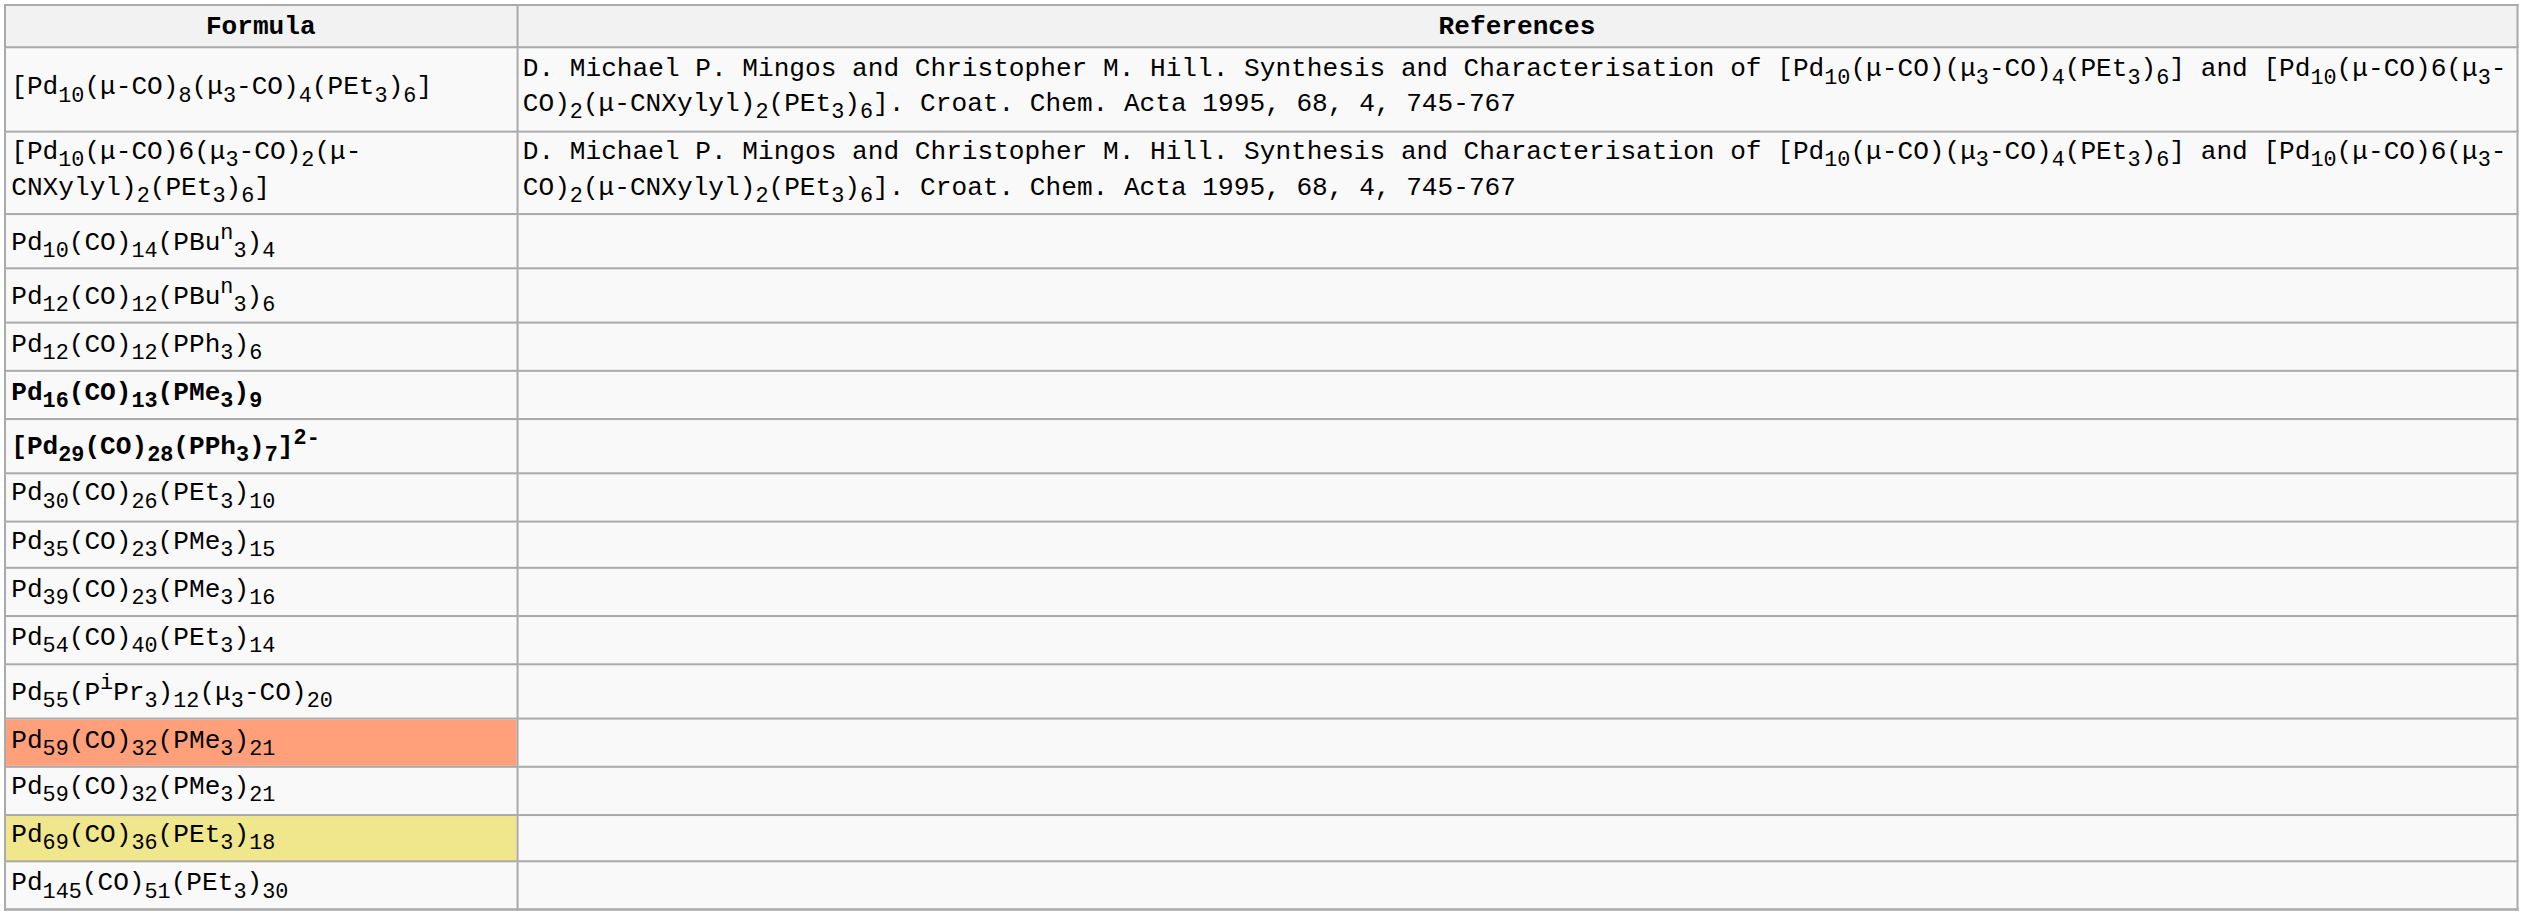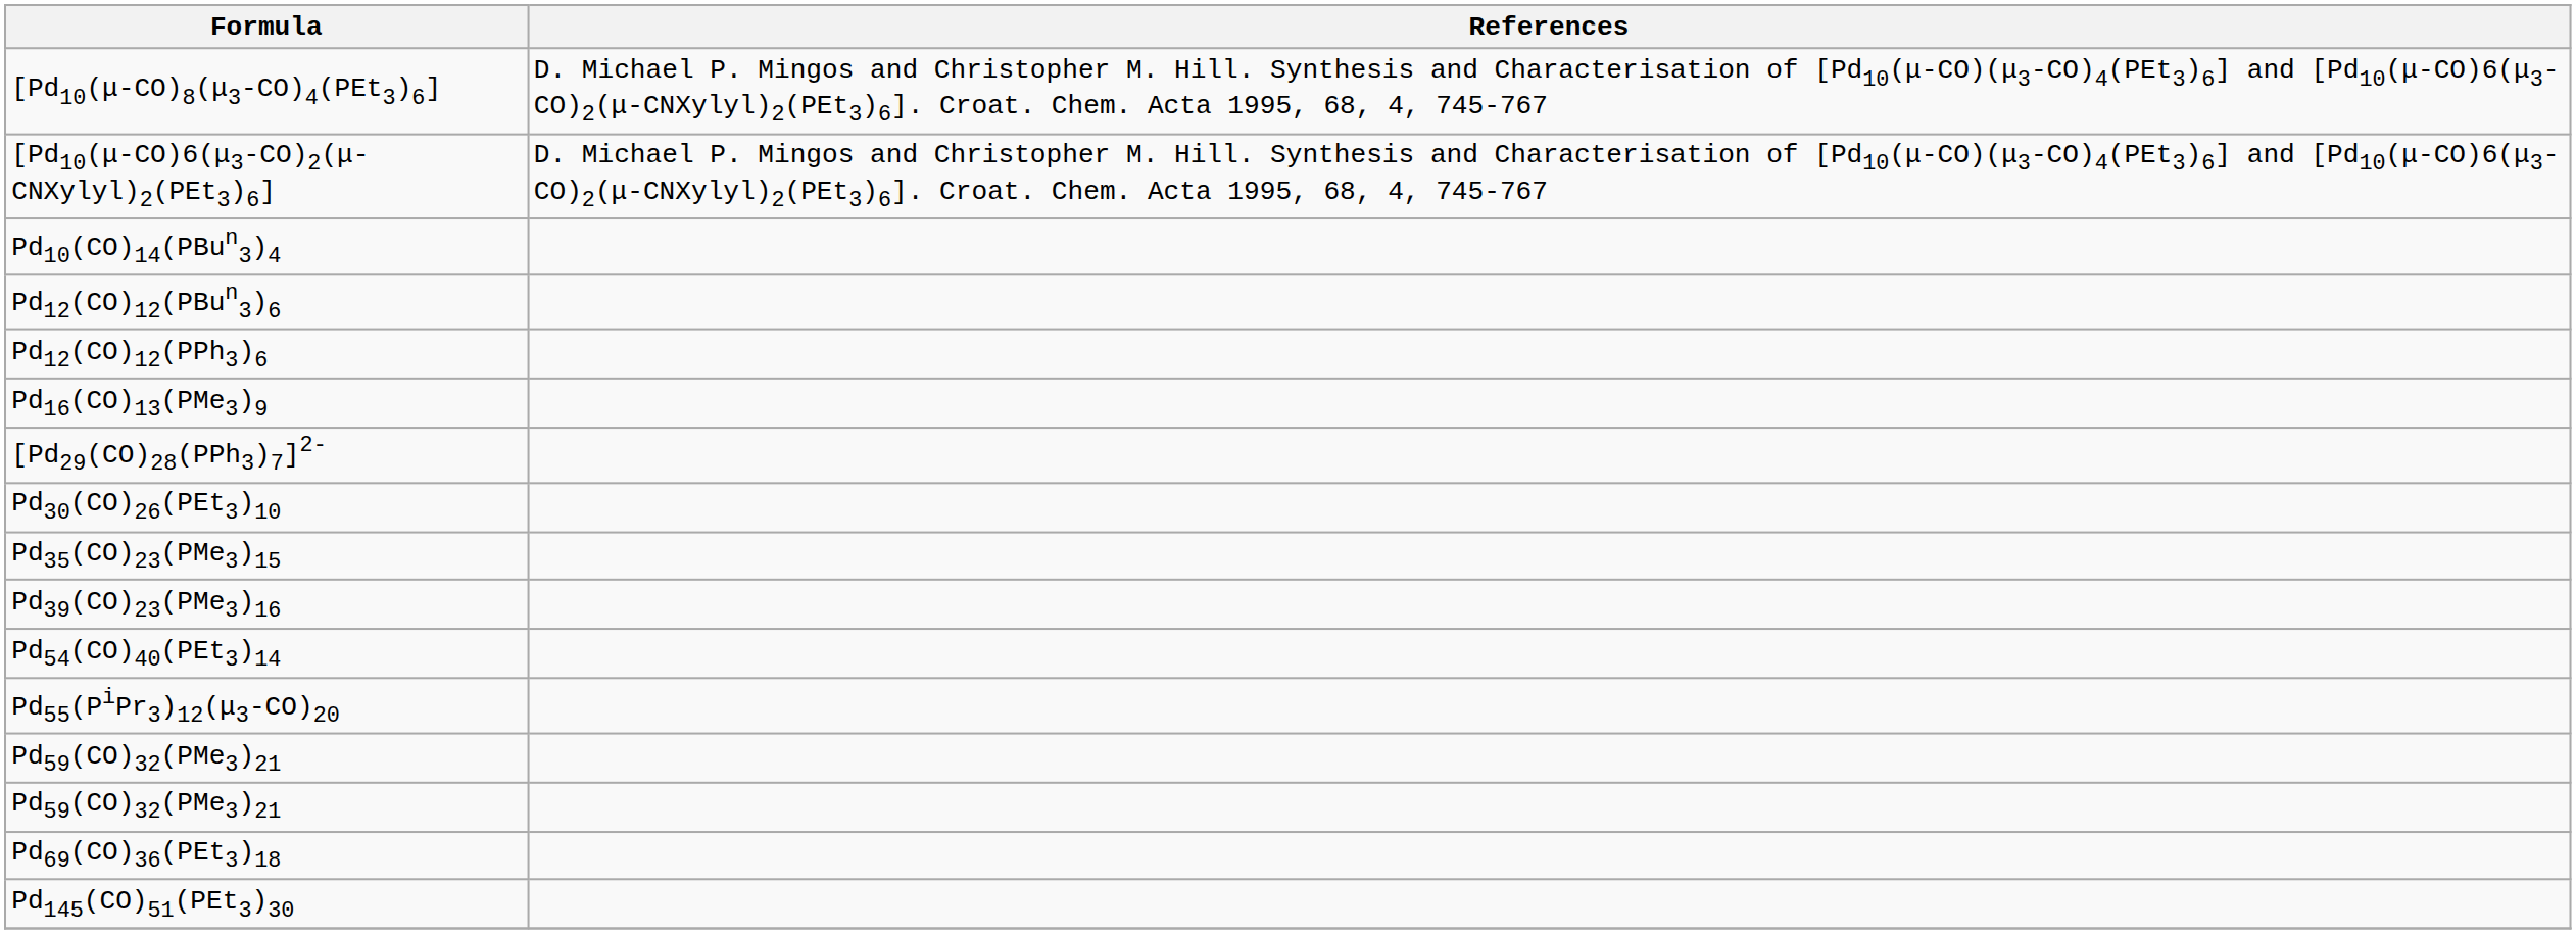 <table class="wikitable">
 <tr>
 <th>Formula</th>
 <th>References</th>
 </tr>
 <tr>
 <td>[Pd<sub>10</sub>(μ-CO)<sub>8</sub>(μ<sub>3</sub>-CO)<sub>4</sub>(PEt<sub>3</sub>)<sub>6</sub>]</td>
 <td>D. Michael P. Mingos and Christopher M. Hill. Synthesis and Characterisation of [Pd<sub>10</sub>(μ-CO)(μ<sub>3</sub>-CO)<sub>4</sub>(PEt<sub>3</sub>)<sub>6</sub>] and [Pd<sub>10</sub>(μ-CO)6(μ<sub>3</sub>-CO)<sub>2</sub>(μ-CNXylyl)<sub>2</sub>(PEt<sub>3</sub>)<sub>6</sub>]. Croat. Chem. Acta 1995, 68, 4, 745-767</td>
 </tr>
 <tr>
 <td>[Pd<sub>10</sub>(μ-CO)6(μ<sub>3</sub>-CO)<sub>2</sub>(μ-CNXylyl)<sub>2</sub>(PEt<sub>3</sub>)<sub>6</sub>]</td>
 <td>D. Michael P. Mingos and Christopher M. Hill. Synthesis and Characterisation of [Pd<sub>10</sub>(μ-CO)(μ<sub>3</sub>-CO)<sub>4</sub>(PEt<sub>3</sub>)<sub>6</sub>] and [Pd<sub>10</sub>(μ-CO)6(μ<sub>3</sub>-CO)<sub>2</sub>(μ-CNXylyl)<sub>2</sub>(PEt<sub>3</sub>)<sub>6</sub>]. Croat. Chem. Acta 1995, 68, 4, 745-767</td>
 </tr>
 <tr>
 <td>Pd<sub>10</sub>(CO)<sub>14</sub>(PBu<sup>n</sup><sub>3</sub>)<sub>4</sub></td>
 <td></td>
 </tr>
 <tr>
 <td>Pd<sub>12</sub>(CO)<sub>12</sub>(PBu<sup>n</sup><sub>3</sub>)<sub>6</sub></td>
 <td></td>
 </tr>
 <tr>
 <td>Pd<sub>12</sub>(CO)<sub>12</sub>(PPh<sub>3</sub>)<sub>6</sub></td>
 <td></td>
 </tr>
 <tr>
-<td><strong>Pd<sub>16</sub>(CO)<sub>13</sub>(PMe<sub>3</sub>)<sub>9</sub></strong></td>
+<td>Pd<sub>16</sub>(CO)<sub>13</sub>(PMe<sub>3</sub>)<sub>9</sub></td>
 <td></td>
 </tr>
 <tr>
-<td><strong>[Pd<sub>29</sub>(CO)<sub>28</sub>(PPh<sub>3</sub>)<sub>7</sub>]<sup>2-</sup></strong></td>
+<td>[Pd<sub>29</sub>(CO)<sub>28</sub>(PPh<sub>3</sub>)<sub>7</sub>]<sup>2-</sup></td>
 <td></td>
 </tr>
 <tr>
 <td>Pd<sub>30</sub>(CO)<sub>26</sub>(PEt<sub>3</sub>)<sub>10</sub></td>
 <td></td>
 </tr>
 <tr>
 <td>Pd<sub>35</sub>(CO)<sub>23</sub>(PMe<sub>3</sub>)<sub>15</sub></td>
 <td></td>
 </tr>
 <tr>
 <td>Pd<sub>39</sub>(CO)<sub>23</sub>(PMe<sub>3</sub>)<sub>16</sub></td>
 <td></td>
 </tr>
 <tr>
 <td>Pd<sub>54</sub>(CO)<sub>40</sub>(PEt<sub>3</sub>)<sub>14</sub></td>
 <td></td>
 </tr>
 <tr>
 <td>Pd<sub>55</sub>(P<sup>i</sup>Pr<sub>3</sub>)<sub>12</sub>(μ<sub>3</sub>-CO)<sub>20</sub></td>
 <td></td>
 </tr>
 <tr>
-<td style="background: lightsalmon;">Pd<sub>59</sub>(CO)<sub>32</sub>(PMe<sub>3</sub>)<sub>21</sub></td>
+<td>Pd<sub>59</sub>(CO)<sub>32</sub>(PMe<sub>3</sub>)<sub>21</sub></td>
 <td></td>
 </tr>
 <tr>
 <td>Pd<sub>59</sub>(CO)<sub>32</sub>(PMe<sub>3</sub>)<sub>21</sub></td>
 <td></td>
 </tr>
 <tr>
-<td style="background: khaki;">Pd<sub>69</sub>(CO)<sub>36</sub>(PEt<sub>3</sub>)<sub>18</sub></td>
+<td>Pd<sub>69</sub>(CO)<sub>36</sub>(PEt<sub>3</sub>)<sub>18</sub></td>
 <td></td>
 </tr>
 <tr>
 <td>Pd<sub>145</sub>(CO)<sub>51</sub>(PEt<sub>3</sub>)<sub>30</sub></td>
 <td></td>
 </tr>
 <tr>
 </tr>
 </table>
